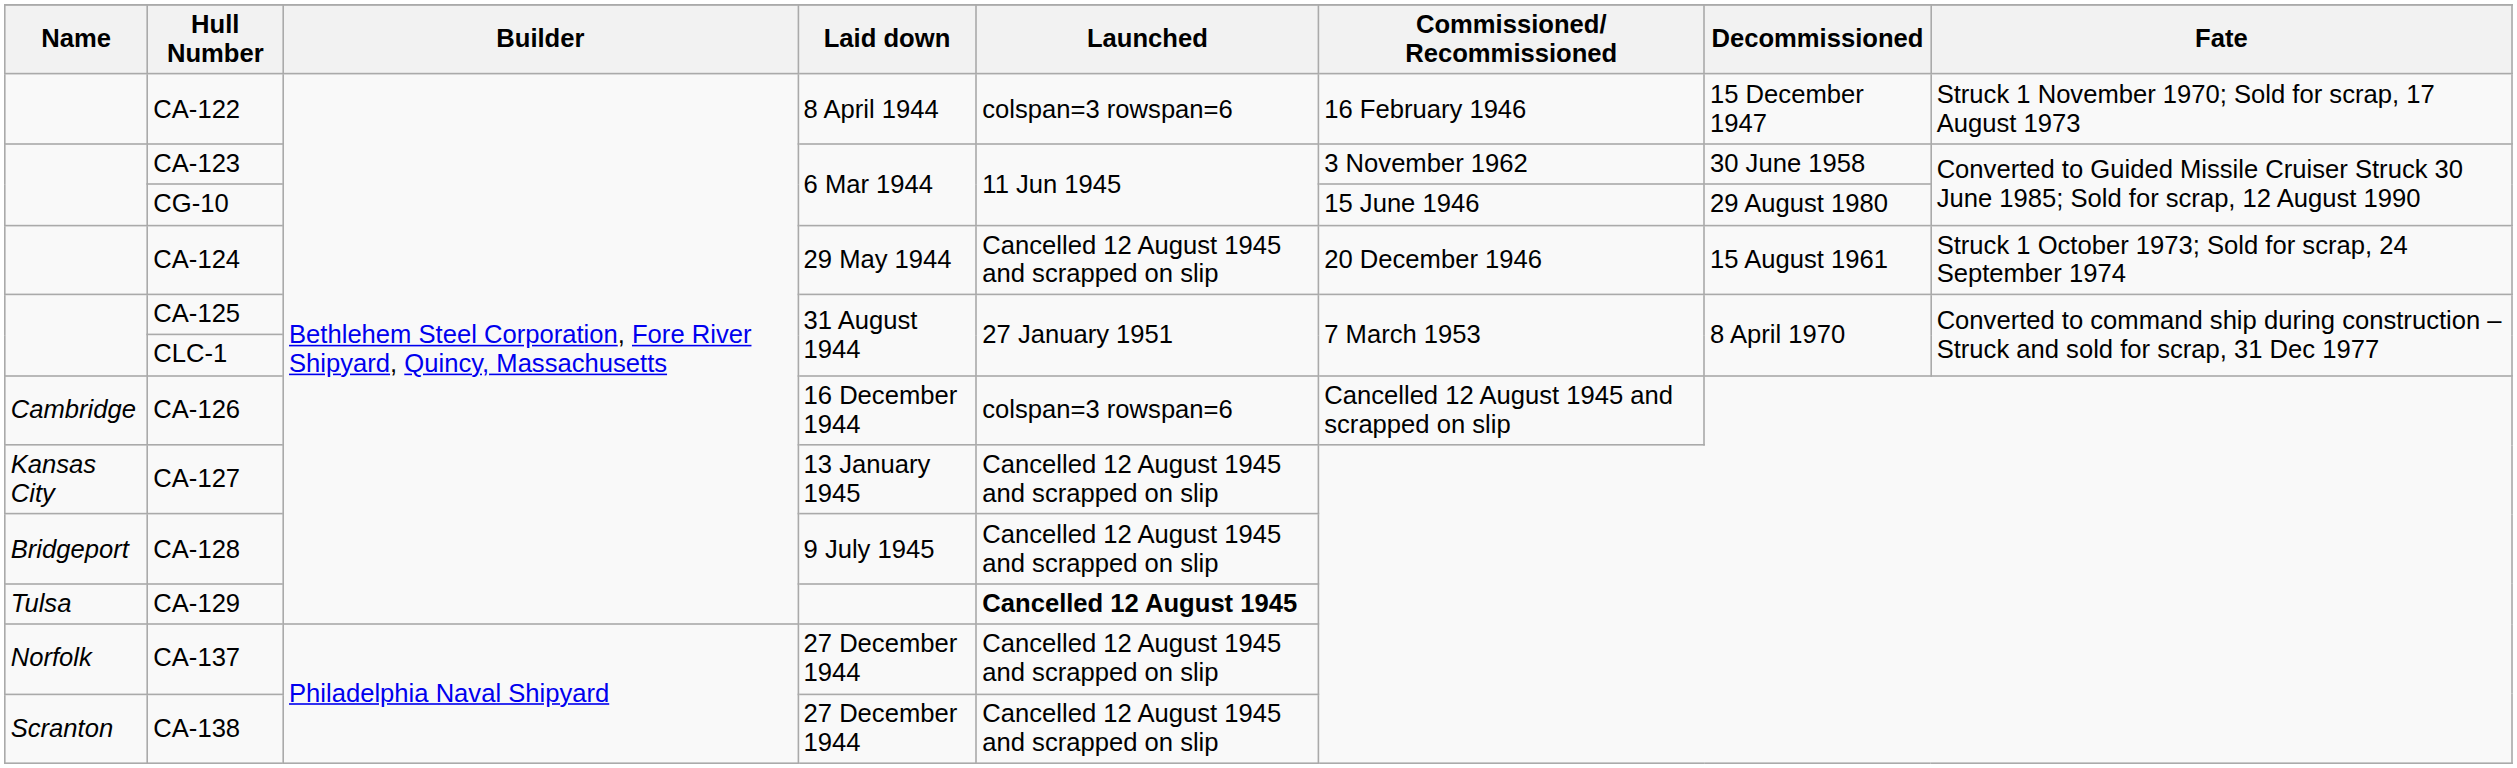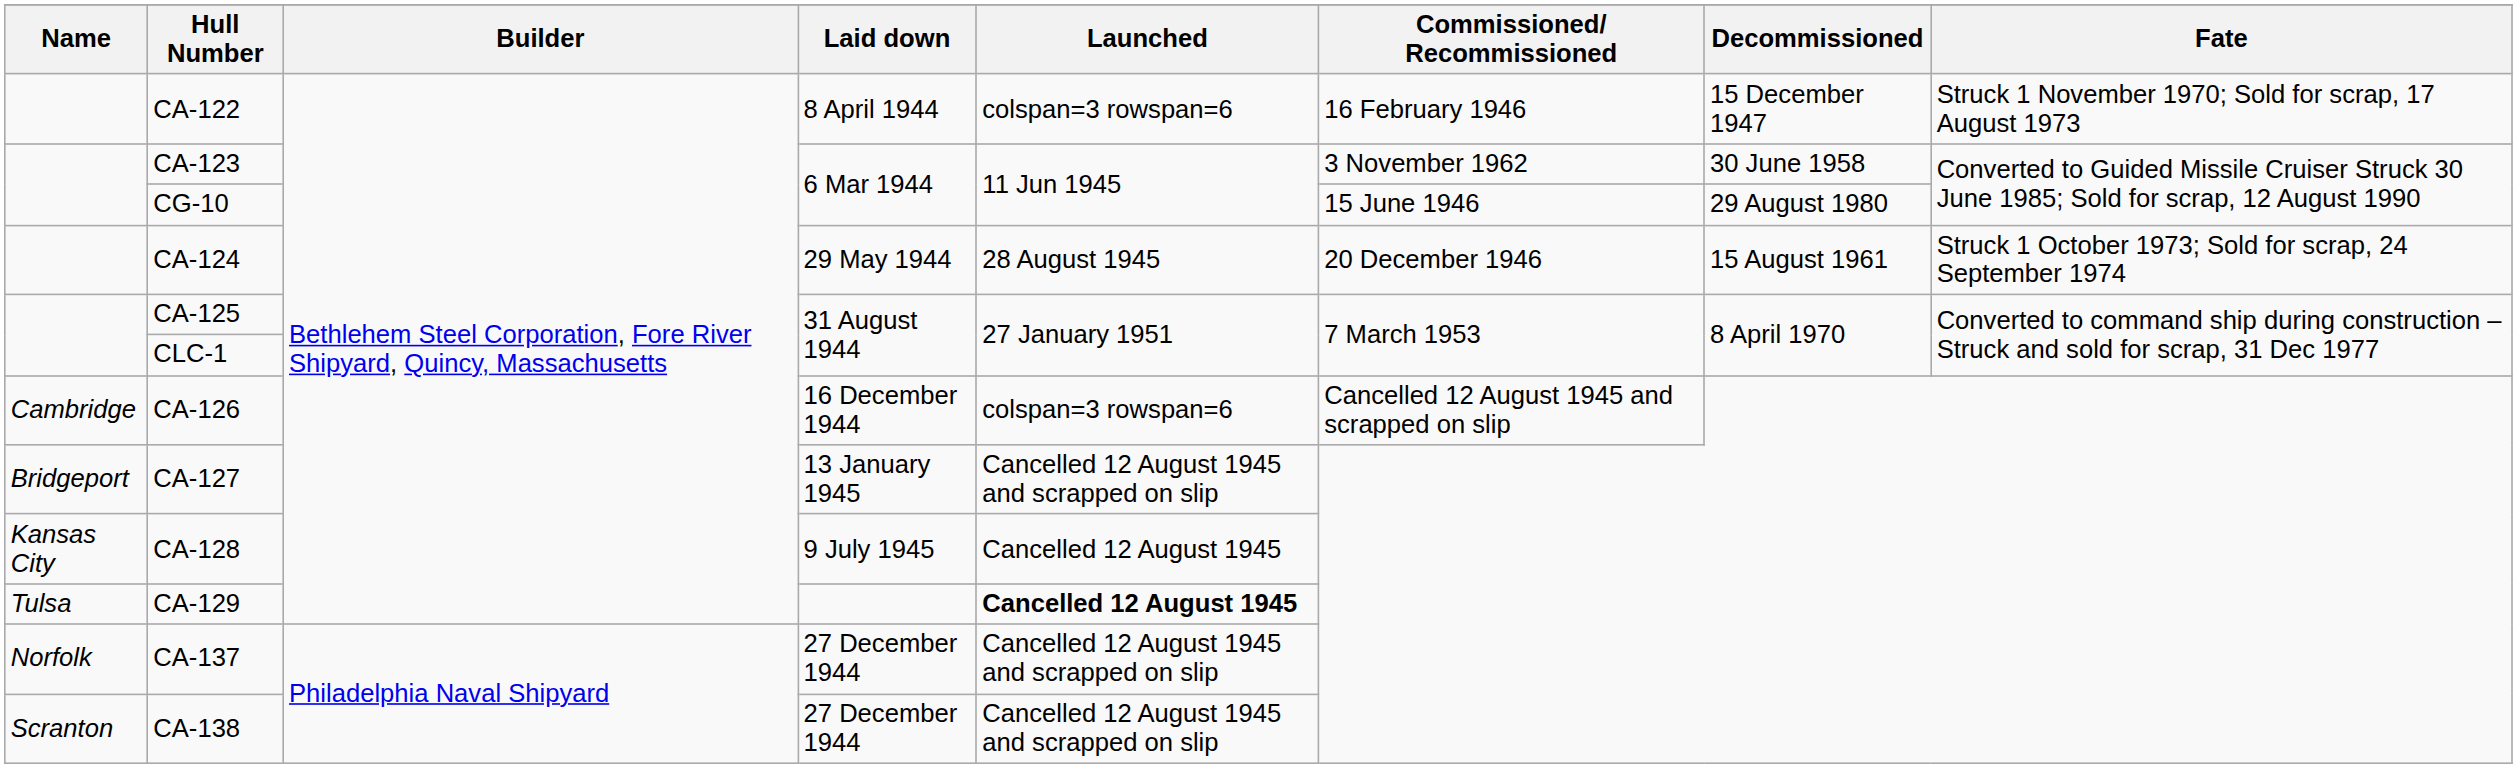 <table class="sortable wikitable">
 <tr>
 </tr>
 <tr>
 <th>Name</th>
 <th>Hull Number</th>
 <th>Builder</th>
 <th>Laid down</th>
 <th>Launched</th>
 <th>Commissioned/<br>Recommissioned</th>
 <th>Decommissioned</th>
 <th>Fate</th>
 </tr>
 <tr>
 <td></td>
 <td>CA-122</td>
 <td rowspan=10><a href='#'>Bethlehem Steel Corporation</a>, <a href='#'>Fore River Shipyard</a>, <a href='#'>Quincy, Massachusetts</a></td>
 <td>8 April 1944</td>
 <td>colspan=3 rowspan=6 </td>
 <td>16 February 1946</td>
 <td>15 December 1947</td>
 <td>Struck 1 November 1970; Sold for scrap, 17 August 1973</td>
 </tr>
 <tr>
 <td rowspan=2></td>
 <td>CA-123</td>
 <td rowspan=2>6 Mar 1944</td>
 <td rowspan=2>11 Jun 1945</td>
 <td>3 November 1962</td>
 <td>30 June 1958</td>
 <td rowspan=2>Converted to Guided Missile Cruiser Struck 30 June 1985; Sold for scrap, 12 August 1990</td>
 </tr>
 <tr>
 <td>CG-10</td>
 <td>15 June 1946</td>
 <td>29 August 1980</td>
 </tr>
 <tr>
 <td></td>
 <td>CA-124</td>
 <td>29 May 1944</td>
-<td>Cancelled 12 August 1945 and scrapped on slip</td>
+<td>28 August 1945</td>
 <td>20 December 1946</td>
 <td>15 August 1961</td>
 <td>Struck 1 October 1973; Sold for scrap, 24 September 1974</td>
 </tr>
 <tr>
 <td rowspan=2></td>
 <td>CA-125</td>
 <td rowspan=2>31 August 1944</td>
 <td rowspan=2>27 January 1951</td>
 <td rowspan=2>7 March 1953</td>
 <td rowspan=2>8 April 1970</td>
 <td rowspan=2>Converted to command ship during construction – Struck and sold for scrap, 31 Dec 1977</td>
 </tr>
 <tr>
 <td>CLC-1</td>
 </tr>
 <tr>
 <td><em>Cambridge</em></td>
 <td>CA-126</td>
 <td>16 December 1944</td>
 <td>colspan=3 rowspan=6 </td>
 <td>Cancelled 12 August 1945 and scrapped on slip</td>
 </tr>
 <tr>
-<td><em>Kansas City</em></td>
+<td><em>Bridgeport</em></td>
 <td>CA-127</td>
 <td>13 January 1945</td>
 <td>Cancelled 12 August 1945 and scrapped on slip</td>
 </tr>
 <tr>
-<td><em>Bridgeport</em></td>
+<td><em>Kansas City</em></td>
 <td>CA-128</td>
 <td>9 July 1945</td>
-<td>Cancelled 12 August 1945 and scrapped on slip</td>
+<td>Cancelled 12 August 1945</td>
 </tr>
 <tr>
 <td><em>Tulsa</em></td>
 <td>CA-129</td>
 <td></td>
 <td><strong>Cancelled 12 August 1945</strong></td>
 </tr>
 <tr>
 <td><em>Norfolk</em></td>
 <td>CA-137</td>
 <td rowspan=2><a href='#'>Philadelphia Naval Shipyard</a></td>
 <td>27 December 1944</td>
 <td>Cancelled 12 August 1945 and scrapped on slip</td>
 </tr>
 <tr>
 <td><em>Scranton</em></td>
 <td>CA-138</td>
 <td>27 December 1944</td>
 <td>Cancelled 12 August 1945 and scrapped on slip</td>
 </tr>
 </table>
